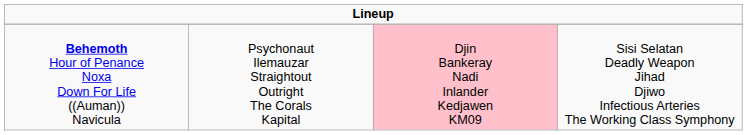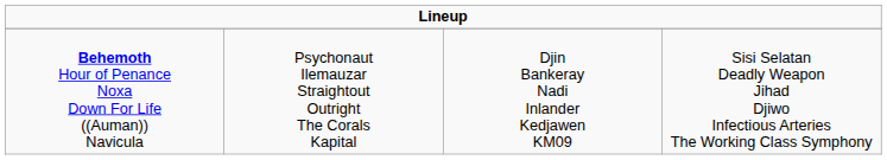 <table class="wikitable">
 <tr>
 <td colspan="4" align="center"><strong>Lineup</strong></td>
 </tr>
 <tr>
 </tr>
 <tr>
 <td valign="top" align="center" width=226><br><strong><a href='#'>Behemoth</a></strong><br> <a href='#'>Hour of Penance</a><br> <a href='#'>Noxa</a><br> <a href='#'>Down For Life</a><br> ((Auman))<br> Navicula<br></td>
 <td valign="top" align="center" width=226><br>Psychonaut<br> Ilemauzar<br> Straightout<br> Outright<br> The Corals<br> Kapital<br></td>
-<td valign="top" align="center" width=226 style="background: pink;"><br>Djin<br> Bankeray<br> Nadi<br> Inlander<br> Kedjawen<br> KM09<br></td>
+<td valign="top" align="center" width=226><br>Djin<br> Bankeray<br> Nadi<br> Inlander<br> Kedjawen<br> KM09<br></td>
 <td valign="top" align="center" width=226><br>Sisi Selatan<br> Deadly Weapon<br> Jihad<br> Djiwo<br> Infectious Arteries<br> The Working Class Symphony<br></td>
 </tr>
 </table>
